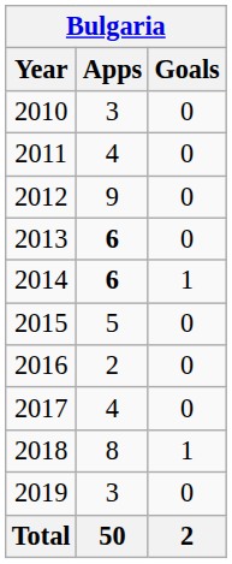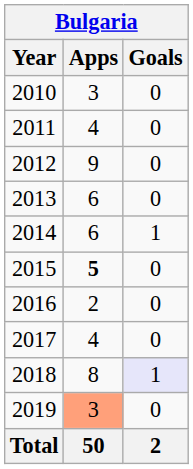 <table class="wikitable" style="text-align:center">
 <tr>
 <th colspan=3><a href='#'>Bulgaria</a></th>
 </tr>
 <tr>
 <th>Year</th>
 <th>Apps</th>
 <th>Goals</th>
 </tr>
 <tr>
 <td>2010</td>
 <td>3</td>
 <td>0</td>
 </tr>
 <tr>
 <td>2011</td>
 <td>4</td>
 <td>0</td>
 </tr>
 <tr>
 <td>2012</td>
 <td>9</td>
 <td>0</td>
 </tr>
 <tr>
 <td>2013</td>
-<td><strong>6</strong></td>
+<td>6</td>
 <td>0</td>
 </tr>
 <tr>
 <td>2014</td>
-<td><strong>6</strong></td>
+<td>6</td>
 <td>1</td>
 </tr>
 <tr>
 <td>2015</td>
-<td>5</td>
+<td><strong>5</strong></td>
 <td>0</td>
 </tr>
 <tr>
 <td>2016</td>
 <td>2</td>
 <td>0</td>
 </tr>
 <tr>
 <td>2017</td>
 <td>4</td>
 <td>0</td>
 </tr>
 <tr>
 <td>2018</td>
 <td>8</td>
-<td>1</td>
+<td style="background: lavender;">1</td>
 </tr>
 <tr>
 <td>2019</td>
-<td>3</td>
+<td style="background: lightsalmon;">3</td>
 <td>0</td>
 </tr>
 <tr>
 <th>Total</th>
 <th>50</th>
 <th>2</th>
 </tr>
 </table>
